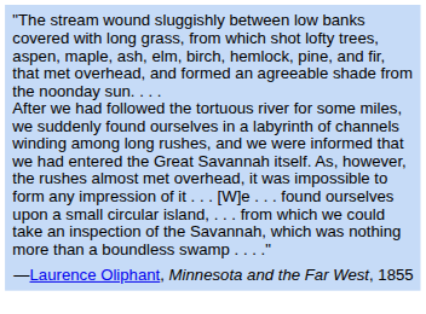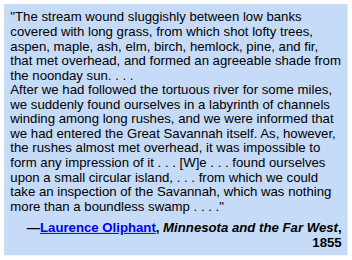 <table class="toccolours" style="float: right; margin-left: 1em; margin-right: 0em; font-size: 85%; background:#c6dbf7; color:black; width:30em; max-width: 40%;" cellspacing="5">
 <tr>
 <td style="text-align: left;">"The stream wound sluggishly between low banks covered with long grass, from which shot lofty trees, aspen, maple, ash, elm, birch, hemlock, pine, and fir, that met overhead, and formed an agreeable shade from the noonday sun. . . . <br>After we had followed the tortuous river for some miles, we suddenly found ourselves in a labyrinth of channels winding among long rushes, and we were informed that we had entered the Great Savannah itself.  As, however, the rushes almost met overhead, it was impossible to form any impression of it . . . [W]e . . . found ourselves upon a small circular island, . . . from which we could take an inspection of the Savannah, which was nothing more than a boundless swamp . . . ."</td>
 </tr>
 <tr>
-<td style="text-align: right;">—<a href='#'>Laurence Oliphant</a>, <em>Minnesota and the Far West</em>, 1855</td>
+<td style="text-align: right;"><strong>—<a href='#'>Laurence Oliphant</a>, <em>Minnesota and the Far West</em>, 1855</strong></td>
 </tr>
 </table>
